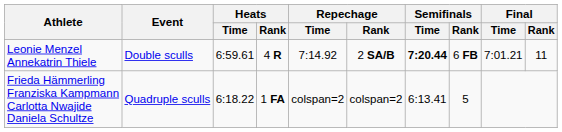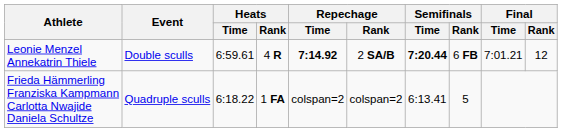 <table class="wikitable" style="font-size:90%">
 <tr>
 <th rowspan="2">Athlete</th>
 <th rowspan="2">Event</th>
 <th colspan="2">Heats</th>
 <th colspan="2">Repechage</th>
 <th colspan="2">Semifinals</th>
 <th colspan="2">Final</th>
 </tr>
 <tr style="font-size:95%">
 <th>Time</th>
 <th>Rank</th>
 <th>Time</th>
 <th>Rank</th>
 <th>Time</th>
 <th>Rank</th>
 <th>Time</th>
 <th>Rank</th>
 </tr>
 <tr align=center>
 <td align=left><a href='#'>Leonie Menzel</a><br><a href='#'>Annekatrin Thiele</a></td>
 <td align=left><a href='#'>Double sculls</a></td>
 <td>6:59.61</td>
 <td>4 <strong>R</strong></td>
-<td>7:14.92</td>
+<td><strong>7:14.92</strong></td>
 <td>2 <strong>SA/B</strong></td>
 <td><strong>7:20.44</strong></td>
 <td>6 <strong>FB</strong></td>
 <td>7:01.21</td>
-<td>11</td>
+<td>12</td>
 </tr>
 <tr align=center>
 <td align=left><a href='#'>Frieda Hämmerling</a><br><a href='#'>Franziska Kampmann</a><br><a href='#'>Carlotta Nwajide</a><br><a href='#'>Daniela Schultze</a></td>
 <td align=left><a href='#'>Quadruple sculls</a></td>
 <td>6:18.22</td>
 <td>1 <strong>FA</strong></td>
 <td>colspan=2 </td>
 <td>colspan=2 </td>
 <td>6:13.41</td>
 <td>5</td>
 </tr>
 </table>
